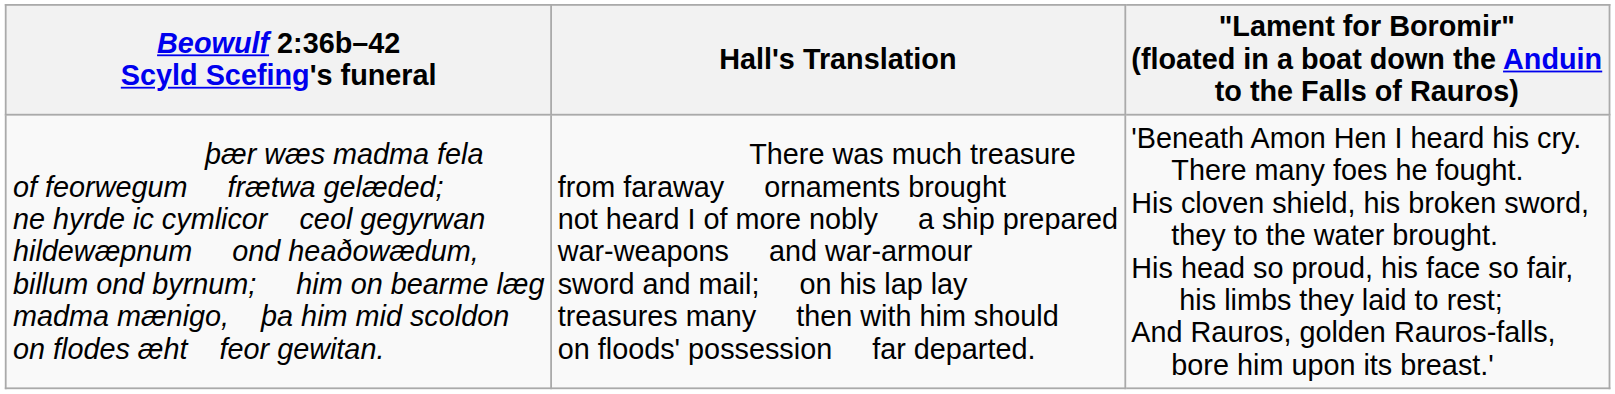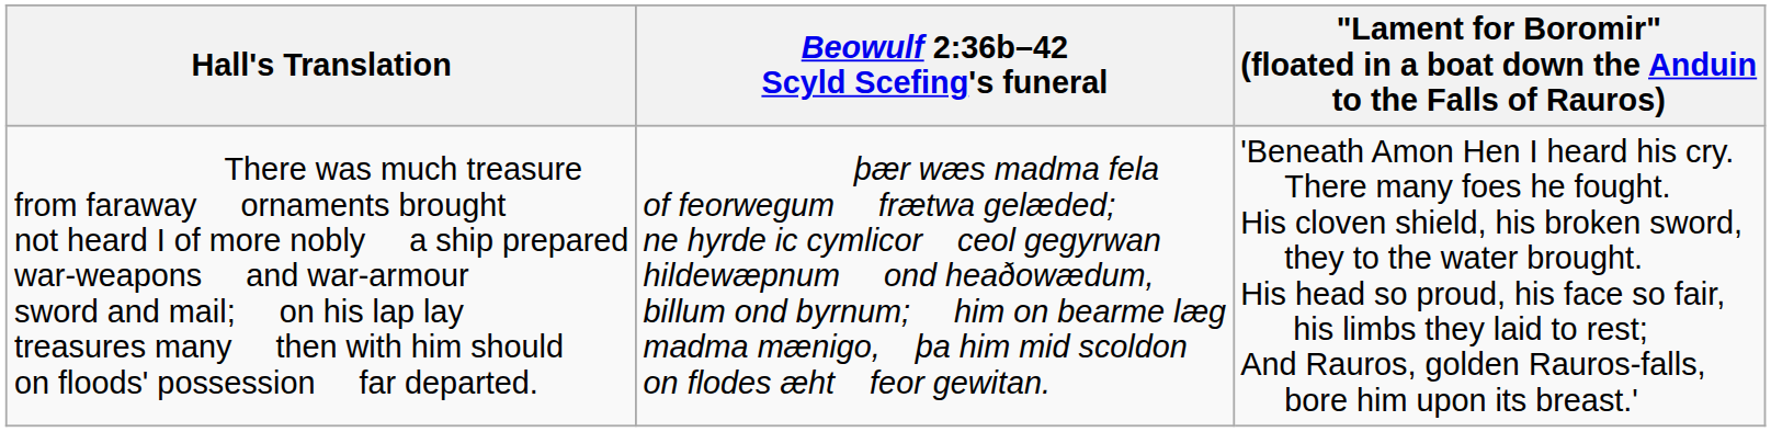 <table class="wikitable" style="margin:1em auto;">
 <tr>
+<th>Hall's Translation</th>
 <th><em><a href='#'>Beowulf</a></em> 2:36b–42<br><a href='#'>Scyld Scefing</a>'s funeral</th>
-<th>Hall's Translation</th>
 <th>"Lament for Boromir"<br>(floated in a boat down the <a href='#'>Anduin</a><br>to the Falls of Rauros)</th>
 </tr>
 <tr>
+<td>                        There was much treasure<br>from faraway     ornaments brought<br>not heard I of more nobly     a ship prepared<br>war-weapons     and war-armour<br>sword and mail;     on his lap lay<br>treasures many     then with him should<br>on floods' possession     far departed.</td>
 <td><em>                        þær wæs madma fela<br>of feorwegum     frætwa gelæded;<br>ne hyrde ic cymlicor     ceol gegyrwan<br>hildewæpnum     ond heaðowædum,<br>billum ond byrnum;     him on bearme læg<br>madma mænigo,    þa him mid scoldon<br>on flodes æht    feor gewitan.</em></td>
-<td>                        There was much treasure<br>from faraway     ornaments brought<br>not heard I of more nobly     a ship prepared<br>war-weapons     and war-armour<br>sword and mail;     on his lap lay<br>treasures many     then with him should<br>on floods' possession     far departed.</td>
 <td>'Beneath Amon Hen I heard his cry.<br>     There many foes he fought.<br>His cloven shield, his broken sword,<br>     they to the water brought.<br>His head so proud, his face so fair,<br>      his limbs they laid to rest;<br>And Rauros, golden Rauros-falls,<br>     bore him upon its breast.'</td>
 </tr>
 </table>
